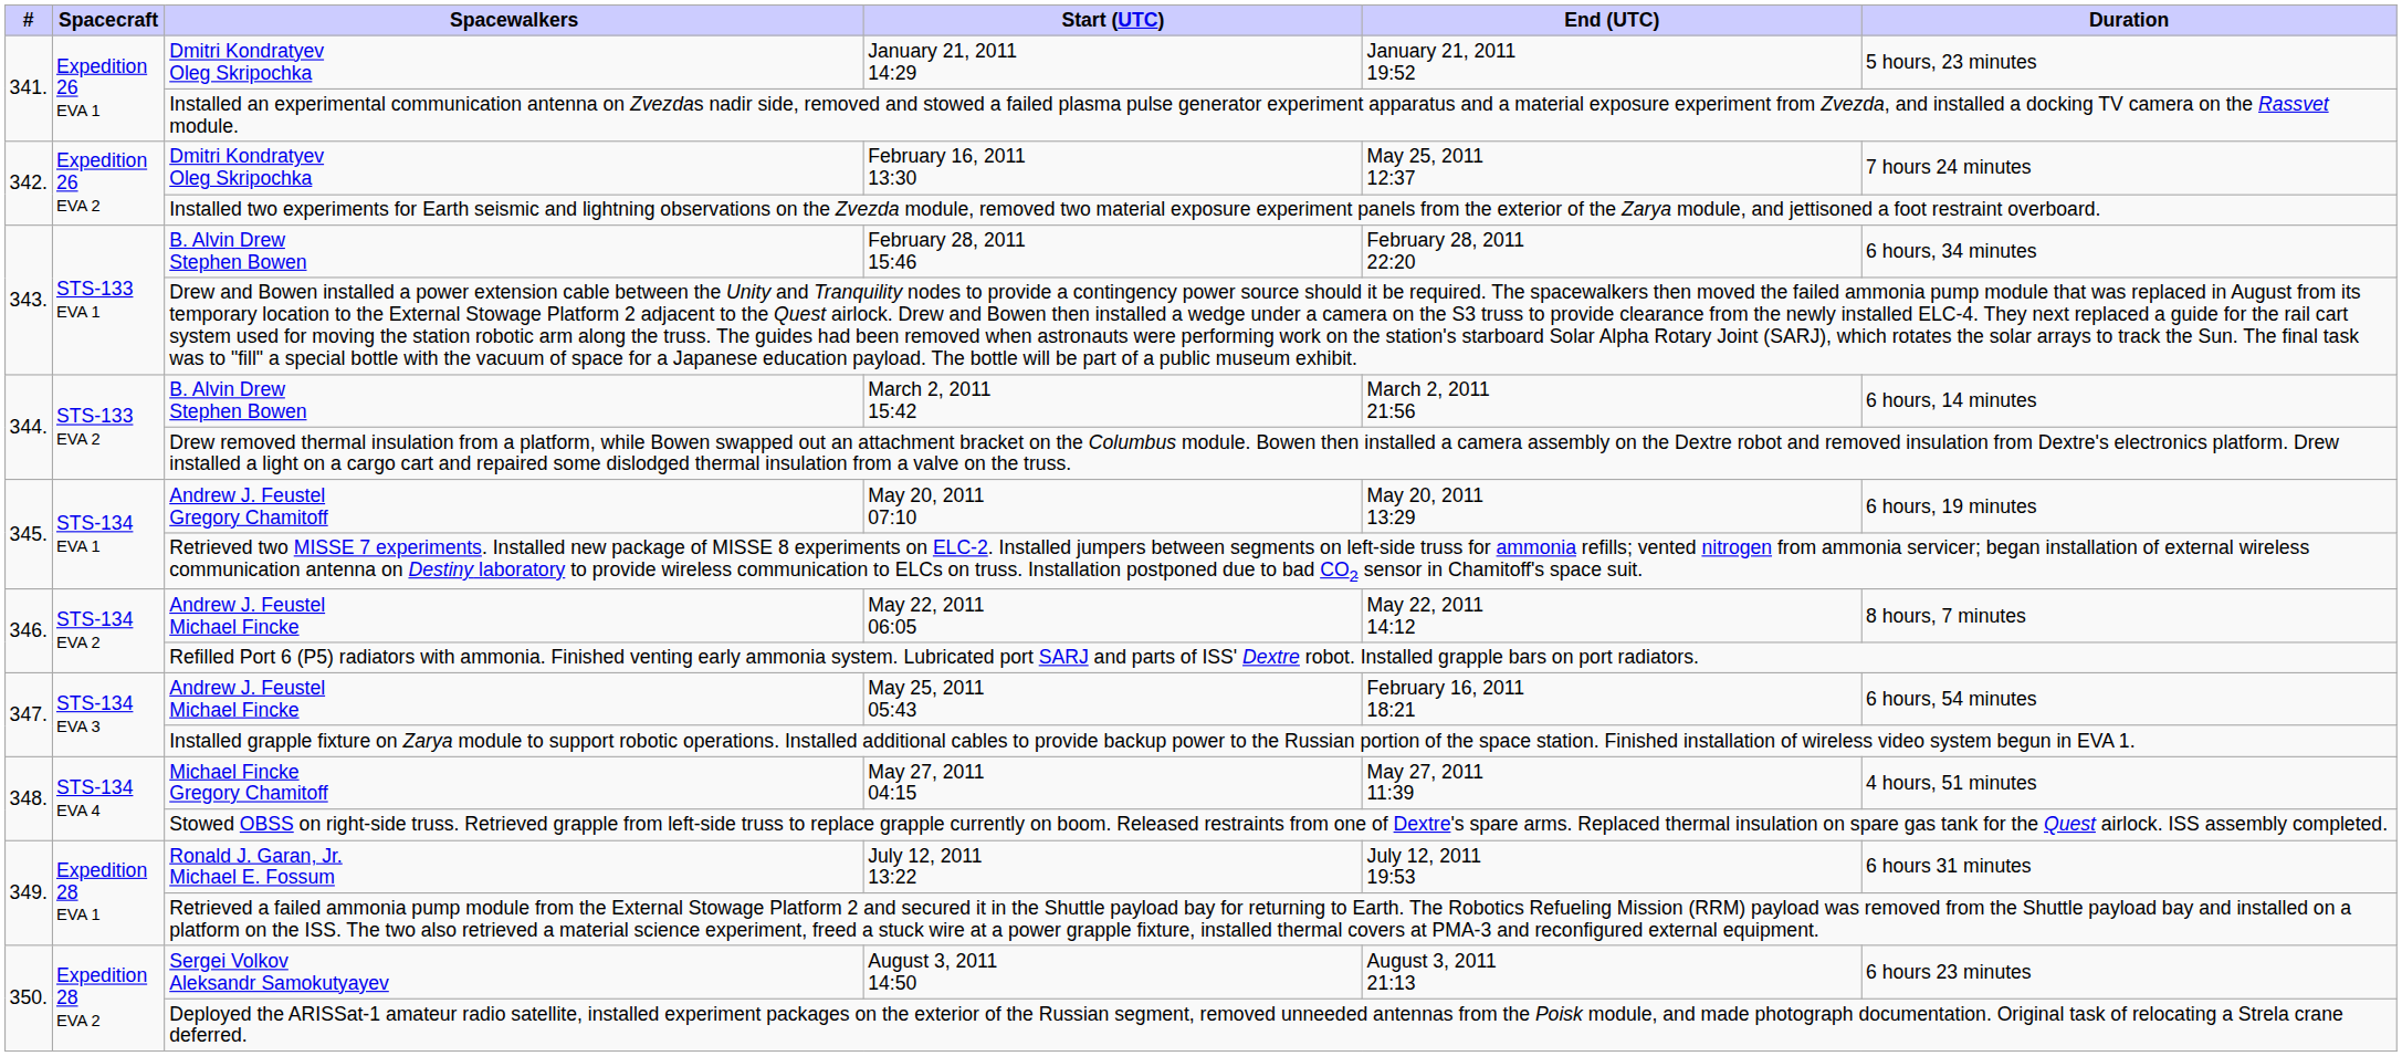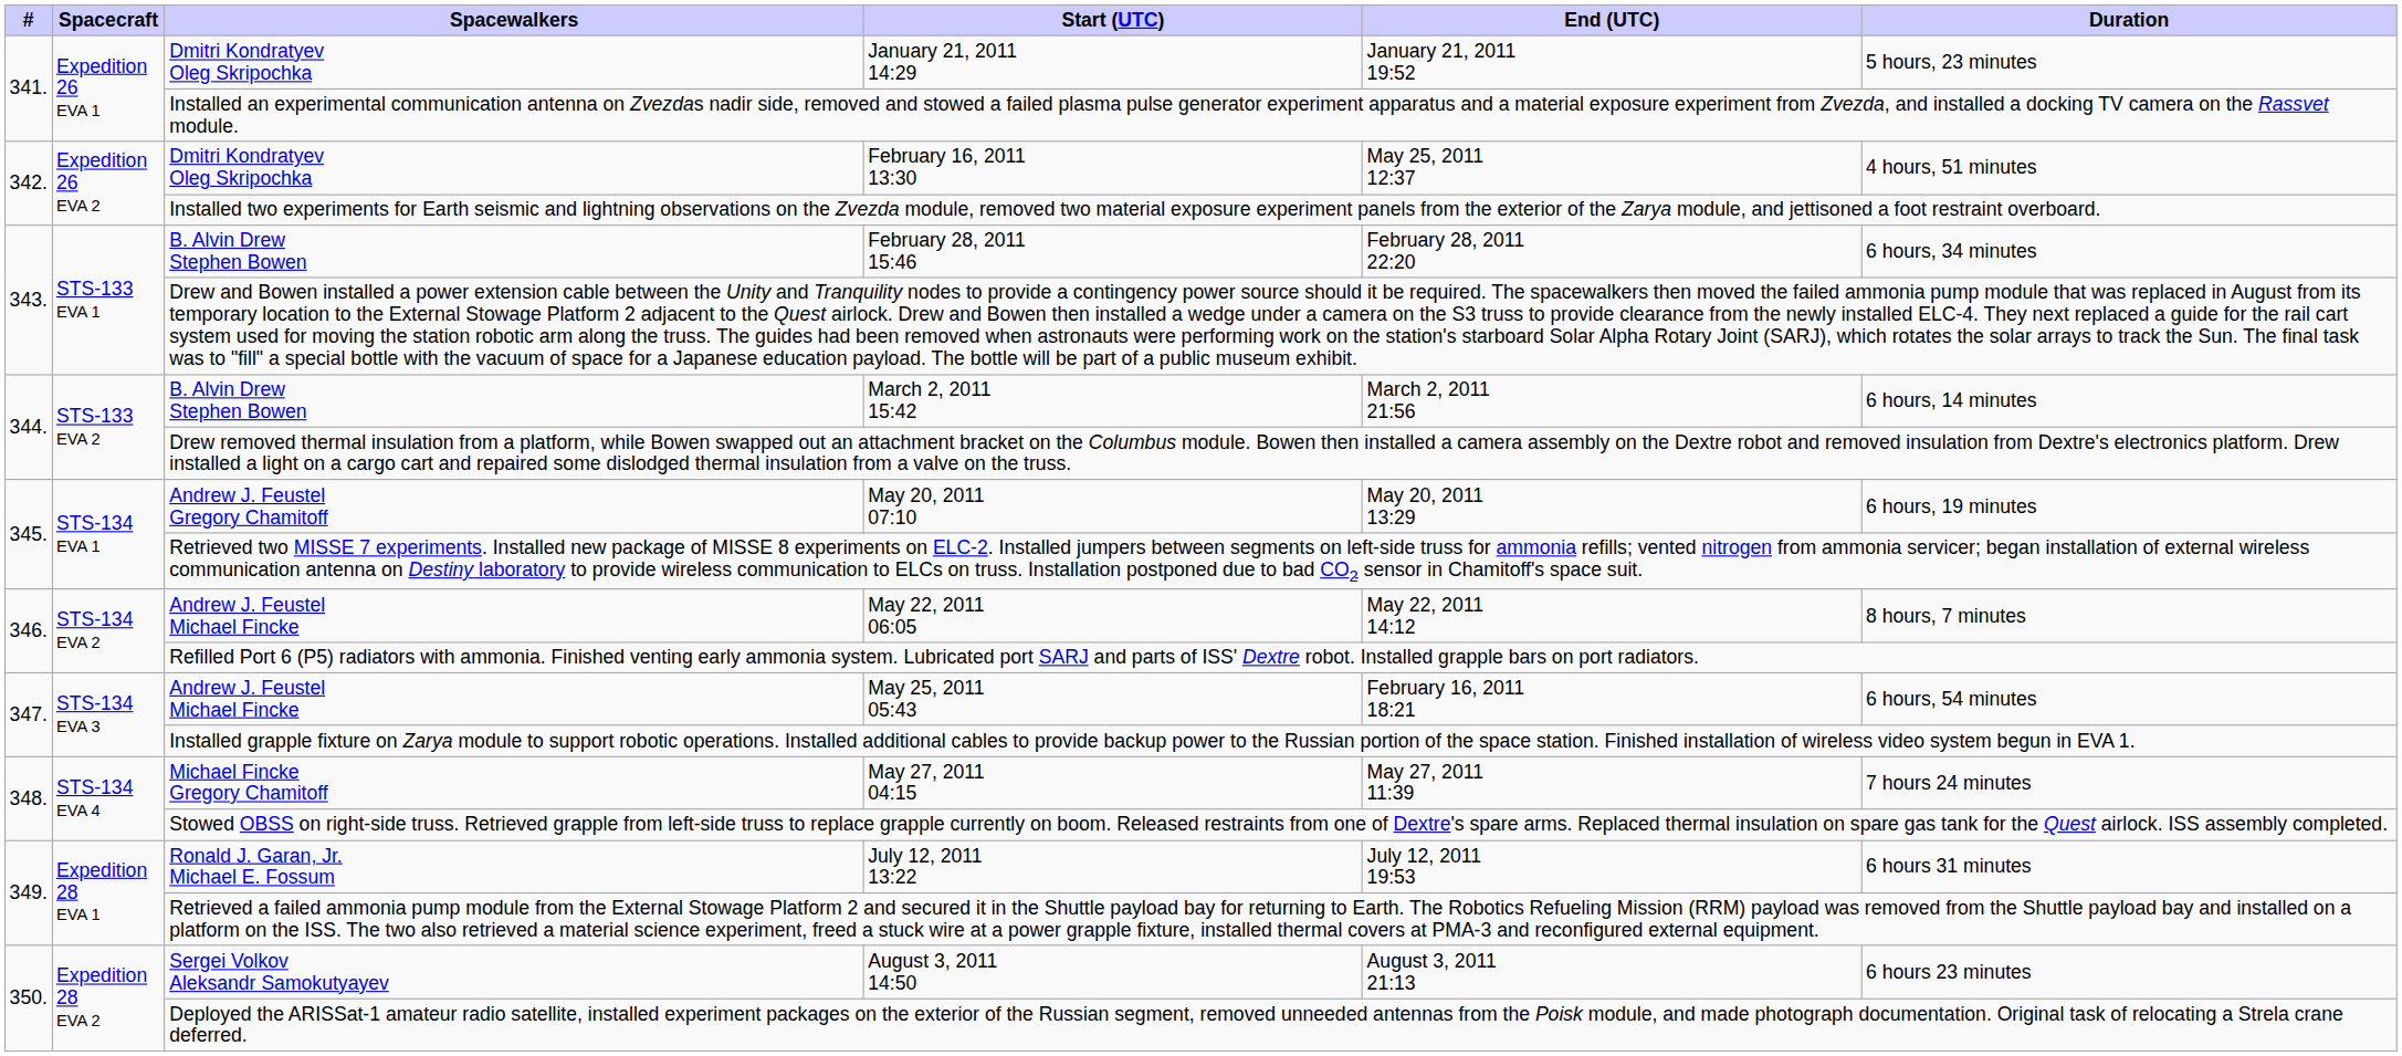 <table class="wikitable sticky-header">
 <tr>
 <th style="background:#ccf;">#</th>
 <th style="background:#ccf;">Spacecraft</th>
 <th style="background:#ccf;">Spacewalkers</th>
 <th style="background:#ccf;">Start (<a href='#'>UTC</a>)</th>
 <th style="background:#ccf;">End (UTC)</th>
 <th style="background:#ccf;">Duration</th>
 </tr>
 <tr>
 <td rowspan=2>341.</td>
 <td rowspan=2><a href='#'>Expedition 26</a><br><small>EVA 1</small><br></td>
 <td> <a href='#'>Dmitri Kondratyev</a><br> <a href='#'>Oleg Skripochka</a></td>
 <td>January 21, 2011<br>14:29</td>
 <td>January 21, 2011<br>19:52</td>
 <td>5 hours, 23 minutes</td>
 </tr>
 <tr>
 <td colspan=4>Installed an experimental communication antenna on <em>Zvezda</em>s nadir side, removed and stowed a failed plasma pulse generator experiment apparatus and a material exposure experiment from <em>Zvezda</em>, and installed a docking TV camera on the <em><a href='#'>Rassvet</a></em> module.</td>
 </tr>
 <tr>
 <td rowspan=2>342.</td>
 <td rowspan=2><a href='#'>Expedition 26</a><br><small>EVA 2</small><br></td>
 <td> <a href='#'>Dmitri Kondratyev</a><br> <a href='#'>Oleg Skripochka</a></td>
 <td>February 16, 2011<br>13:30</td>
 <td>May 25, 2011<br>12:37</td>
-<td>7 hours 24 minutes</td>
+<td>4 hours, 51 minutes</td>
 </tr>
 <tr>
 <td colspan=4>Installed two experiments for Earth seismic and lightning observations on the <em>Zvezda</em> module, removed two material exposure experiment panels from the exterior of the <em>Zarya</em> module, and jettisoned a foot restraint overboard.</td>
 </tr>
 <tr>
 <td rowspan=2>343.</td>
 <td rowspan=2><a href='#'>STS-133</a><br><small>EVA 1</small><br></td>
 <td> <a href='#'>B. Alvin Drew</a><br> <a href='#'>Stephen Bowen</a></td>
 <td>February 28, 2011<br>15:46</td>
 <td>February 28, 2011<br>22:20</td>
 <td>6 hours, 34 minutes</td>
 </tr>
 <tr>
 <td colspan=4>Drew and Bowen installed a power extension cable between the <em>Unity</em> and <em>Tranquility</em> nodes to provide a contingency power source should it be required. The spacewalkers then moved the failed ammonia pump module that was replaced in August from its temporary location to the External Stowage Platform 2 adjacent to the <em>Quest</em> airlock. Drew and Bowen then installed a wedge under a camera on the S3 truss to provide clearance from the newly installed ELC-4. They next replaced a guide for the rail cart system used for moving the station robotic arm along the truss. The guides had been removed when astronauts were performing work on the station's starboard Solar Alpha Rotary Joint (SARJ), which rotates the solar arrays to track the Sun. The final task was to "fill" a special bottle with the vacuum of space for a Japanese education payload. The bottle will be part of a public museum exhibit.</td>
 </tr>
 <tr>
 <td rowspan=2>344.</td>
 <td rowspan=2><a href='#'>STS-133</a><br><small>EVA 2</small><br></td>
 <td> <a href='#'>B. Alvin Drew</a><br> <a href='#'>Stephen Bowen</a></td>
 <td>March 2, 2011<br>15:42</td>
 <td>March 2, 2011<br>21:56</td>
 <td>6 hours, 14 minutes</td>
 </tr>
 <tr>
 <td colspan=4>Drew removed thermal insulation from a platform, while Bowen swapped out an attachment bracket on the <em>Columbus</em> module. Bowen then installed a camera assembly on the Dextre robot and removed insulation from Dextre's electronics platform. Drew installed a light on a cargo cart and repaired some dislodged thermal insulation from a valve on the truss.</td>
 </tr>
 <tr>
 <td rowspan=2>345.</td>
 <td rowspan=2><a href='#'>STS-134</a><br><small>EVA 1</small><br></td>
 <td> <a href='#'>Andrew J. Feustel</a><br> <a href='#'>Gregory Chamitoff</a></td>
 <td>May 20, 2011<br> 07:10</td>
 <td>May 20, 2011<br> 13:29</td>
 <td>6 hours, 19 minutes</td>
 </tr>
 <tr>
 <td colspan=4>Retrieved two <a href='#'>MISSE 7 experiments</a>. Installed new package of MISSE 8 experiments on <a href='#'>ELC-2</a>. Installed jumpers between segments on left-side truss for <a href='#'>ammonia</a> refills; vented <a href='#'>nitrogen</a> from ammonia servicer; began installation of external wireless communication antenna on <a href='#'><em>Destiny</em> laboratory</a> to provide wireless communication to ELCs on truss. Installation postponed due to bad <a href='#'>CO<sub>2</sub></a> sensor in Chamitoff's space suit.</td>
 </tr>
 <tr>
 <td rowspan=2>346.</td>
 <td rowspan=2><a href='#'>STS-134</a><br><small>EVA 2</small><br></td>
 <td> <a href='#'>Andrew J. Feustel</a><br> <a href='#'>Michael Fincke</a></td>
 <td>May 22, 2011<br>06:05</td>
 <td>May 22, 2011<br>14:12</td>
 <td>8 hours, 7 minutes</td>
 </tr>
 <tr>
 <td colspan=4>Refilled Port 6 (P5) radiators with ammonia. Finished venting early ammonia system. Lubricated port <a href='#'>SARJ</a> and parts of ISS' <em><a href='#'>Dextre</a></em> robot. Installed grapple bars on port radiators.</td>
 </tr>
 <tr>
 <td rowspan=2>347.</td>
 <td rowspan=2><a href='#'>STS-134</a><br><small>EVA 3</small><br></td>
 <td> <a href='#'>Andrew J. Feustel</a><br> <a href='#'>Michael Fincke</a></td>
 <td>May 25, 2011<br>05:43</td>
 <td>February 16, 2011<br>18:21</td>
 <td>6 hours, 54 minutes</td>
 </tr>
 <tr>
 <td colspan=4>Installed grapple fixture on <em>Zarya</em> module to support robotic operations. Installed additional cables to provide backup power to the Russian portion of the space station. Finished installation of wireless video system begun in EVA 1.</td>
 </tr>
 <tr>
 <td rowspan=2>348.</td>
 <td rowspan=2><a href='#'>STS-134</a><br><small>EVA 4</small><br></td>
 <td> <a href='#'>Michael Fincke</a><br> <a href='#'>Gregory Chamitoff</a></td>
 <td>May 27, 2011<br> 04:15</td>
 <td>May 27, 2011<br> 11:39</td>
-<td>4 hours, 51 minutes</td>
+<td>7 hours 24 minutes</td>
 </tr>
 <tr>
 <td colspan=4>Stowed <a href='#'>OBSS</a> on right-side truss. Retrieved grapple from left-side truss to replace grapple currently on boom. Released restraints from one of <a href='#'>Dextre</a>'s spare arms. Replaced thermal insulation on spare gas tank for the <em><a href='#'>Quest</a></em> airlock. ISS assembly completed.</td>
 </tr>
 <tr>
 <td rowspan=2>349.</td>
 <td rowspan=2><a href='#'>Expedition 28</a><br><small>EVA 1</small><br></td>
 <td> <a href='#'>Ronald J. Garan, Jr.</a><br> <a href='#'>Michael E. Fossum</a></td>
 <td>July 12, 2011<br> 13:22</td>
 <td>July 12, 2011<br> 19:53</td>
 <td>6 hours 31 minutes</td>
 </tr>
 <tr>
 <td colspan=4>Retrieved a failed ammonia pump module from the External Stowage Platform 2 and secured it in the Shuttle payload bay for returning to Earth. The Robotics Refueling Mission (RRM) payload was removed from the Shuttle payload bay and installed on a platform on the ISS. The two also retrieved a material science experiment, freed a stuck wire at a power grapple fixture, installed thermal covers at PMA-3 and reconfigured external equipment.</td>
 </tr>
 <tr>
 <td rowspan=2>350.</td>
 <td rowspan=2><a href='#'>Expedition 28</a><br><small>EVA 2</small><br></td>
 <td> <a href='#'>Sergei Volkov</a><br> <a href='#'>Aleksandr Samokutyayev</a></td>
 <td>August 3, 2011<br> 14:50</td>
 <td>August 3, 2011<br> 21:13</td>
 <td>6 hours 23 minutes</td>
 </tr>
 <tr>
 <td colspan=4>Deployed the ARISSat-1 amateur radio satellite, installed experiment packages on the exterior of the Russian segment, removed unneeded antennas from the <em>Poisk</em> module, and made photograph documentation. Original task of relocating a Strela crane deferred.</td>
 </tr>
 <tr>
 </tr>
 </table>
